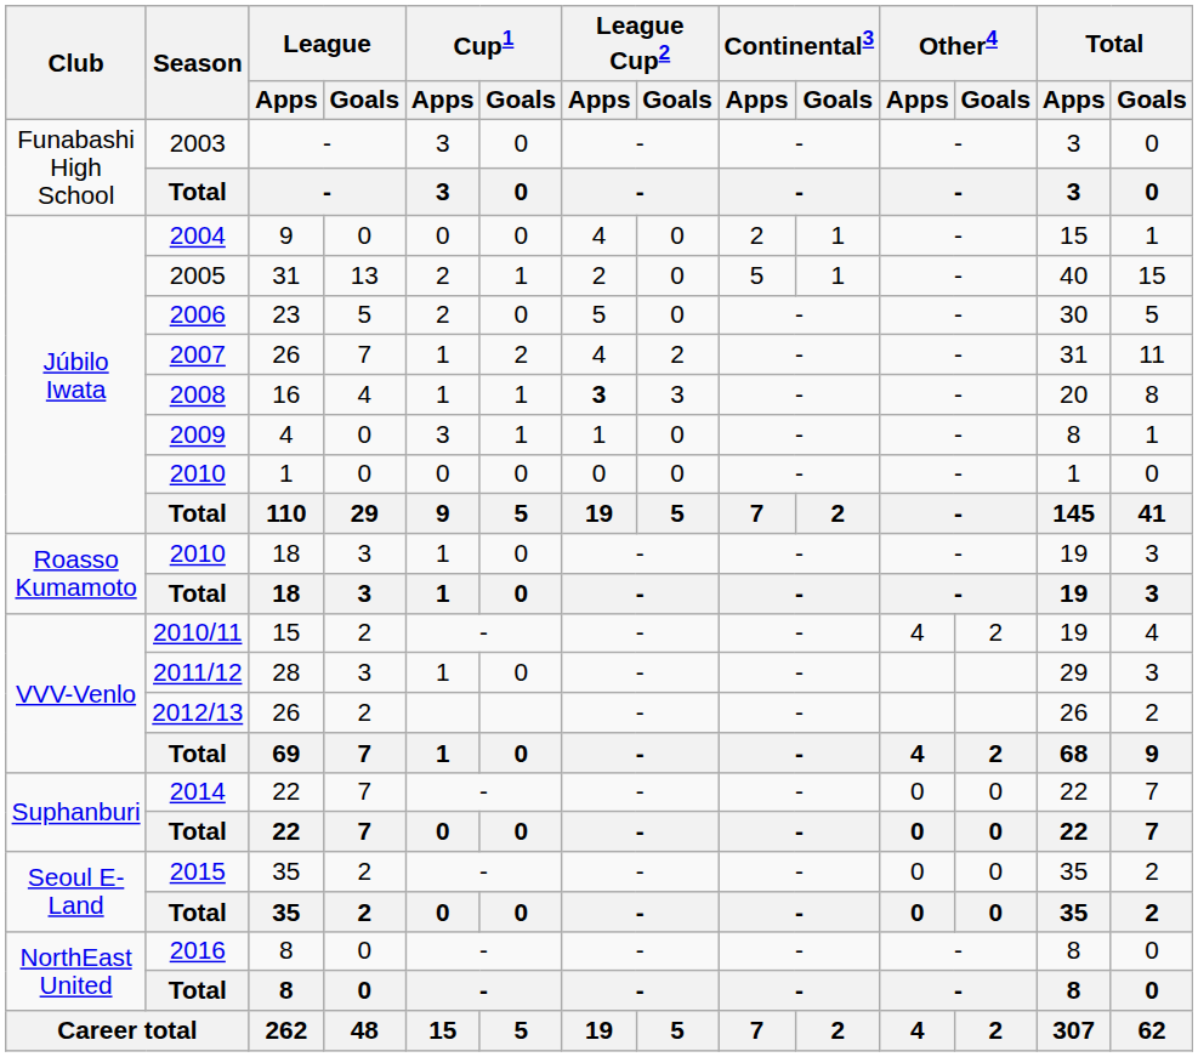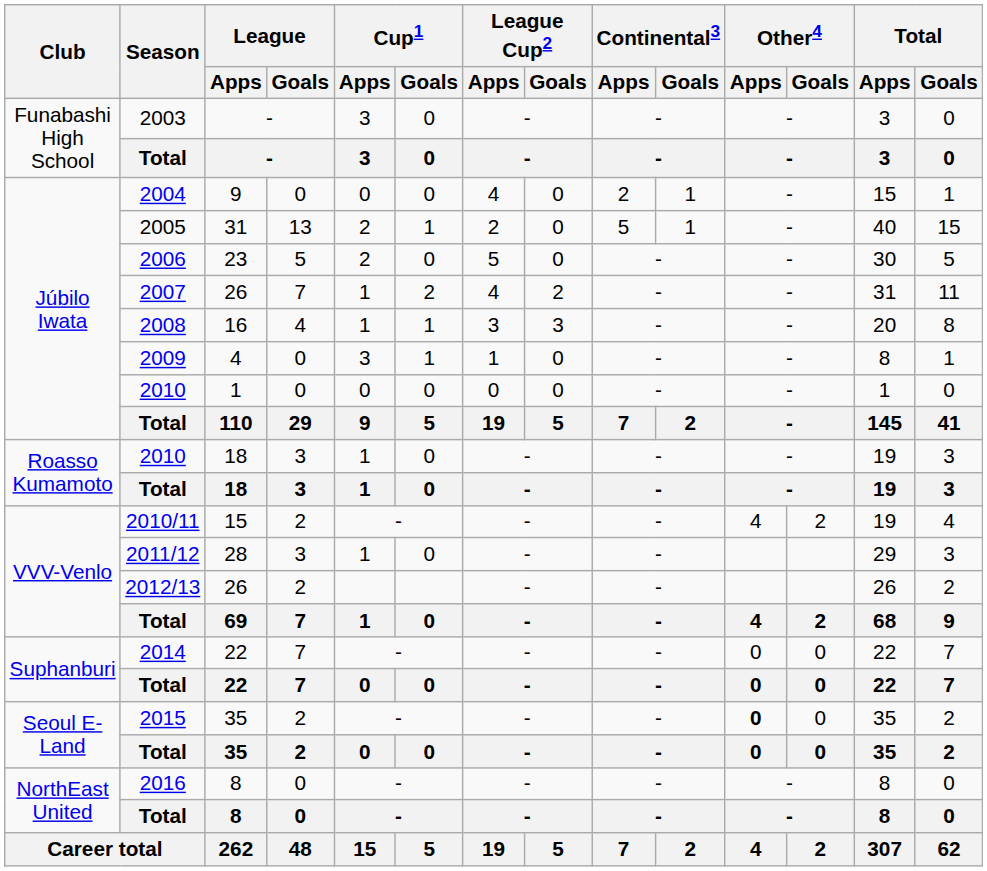 <table class="wikitable" style="font-size:90%; text-align:center;">
 <tr>
 <th rowspan=2>Club</th>
 <th rowspan=2>Season</th>
 <th colspan=2>League</th>
 <th colspan=2>Cup<sup><a href='#'>1</a></sup></th>
 <th colspan=2>League Cup<sup><a href='#'>2</a></sup></th>
 <th colspan=2>Continental<sup><a href='#'>3</a></sup></th>
 <th colspan=2>Other<sup><a href='#'>4</a></sup></th>
 <th colspan=2>Total</th>
 </tr>
 <tr>
 <th>Apps</th>
 <th>Goals</th>
 <th>Apps</th>
 <th>Goals</th>
 <th>Apps</th>
 <th>Goals</th>
 <th>Apps</th>
 <th>Goals</th>
 <th>Apps</th>
 <th>Goals</th>
 <th>Apps</th>
 <th>Goals</th>
 </tr>
 <tr>
 <td rowspan=2>Funabashi High School</td>
 <td>2003</td>
 <td colspan=2>-</td>
 <td>3</td>
 <td>0</td>
 <td colspan=2>-</td>
 <td colspan=2>-</td>
 <td colspan=2>-</td>
 <td>3</td>
 <td>0</td>
 </tr>
 <tr>
 <th>Total</th>
 <th colspan=2>-</th>
 <th>3</th>
 <th>0</th>
 <th colspan=2>-</th>
 <th colspan=2>-</th>
 <th colspan=2>-</th>
 <th>3</th>
 <th>0</th>
 </tr>
 <tr>
 <td rowspan=8><a href='#'>Júbilo Iwata</a></td>
 <td><a href='#'>2004</a></td>
 <td>9</td>
 <td>0</td>
 <td>0</td>
 <td>0</td>
 <td>4</td>
 <td>0</td>
 <td>2</td>
 <td>1</td>
 <td colspan=2>-</td>
 <td>15</td>
 <td>1</td>
 </tr>
 <tr>
 <td>2005</td>
 <td>31</td>
 <td>13</td>
 <td>2</td>
 <td>1</td>
 <td>2</td>
 <td>0</td>
 <td>5</td>
 <td>1</td>
 <td colspan=2>-</td>
 <td>40</td>
 <td>15</td>
 </tr>
 <tr>
 <td><a href='#'>2006</a></td>
 <td>23</td>
 <td>5</td>
 <td>2</td>
 <td>0</td>
 <td>5</td>
 <td>0</td>
 <td colspan=2>-</td>
 <td colspan=2>-</td>
 <td>30</td>
 <td>5</td>
 </tr>
 <tr>
 <td><a href='#'>2007</a></td>
 <td>26</td>
 <td>7</td>
 <td>1</td>
 <td>2</td>
 <td>4</td>
 <td>2</td>
 <td colspan=2>-</td>
 <td colspan=2>-</td>
 <td>31</td>
 <td>11</td>
 </tr>
 <tr>
 <td><a href='#'>2008</a></td>
 <td>16</td>
 <td>4</td>
 <td>1</td>
 <td>1</td>
-<td><strong>3</strong></td>
+<td>3</td>
 <td>3</td>
 <td colspan=2>-</td>
 <td colspan=2>-</td>
 <td>20</td>
 <td>8</td>
 </tr>
 <tr>
 <td><a href='#'>2009</a></td>
 <td>4</td>
 <td>0</td>
 <td>3</td>
 <td>1</td>
 <td>1</td>
 <td>0</td>
 <td colspan=2>-</td>
 <td colspan=2>-</td>
 <td>8</td>
 <td>1</td>
 </tr>
 <tr>
 <td><a href='#'>2010</a></td>
 <td>1</td>
 <td>0</td>
 <td>0</td>
 <td>0</td>
 <td>0</td>
 <td>0</td>
 <td colspan=2>-</td>
 <td colspan=2>-</td>
 <td>1</td>
 <td>0</td>
 </tr>
 <tr>
 <th>Total</th>
 <th>110</th>
 <th>29</th>
 <th>9</th>
 <th>5</th>
 <th>19</th>
 <th>5</th>
 <th>7</th>
 <th>2</th>
 <th colspan=2>-</th>
 <th>145</th>
 <th>41</th>
 </tr>
 <tr>
 <td rowspan=2><a href='#'>Roasso Kumamoto</a></td>
 <td><a href='#'>2010</a></td>
 <td>18</td>
 <td>3</td>
 <td>1</td>
 <td>0</td>
 <td colspan=2>-</td>
 <td colspan=2>-</td>
 <td colspan=2>-</td>
 <td>19</td>
 <td>3</td>
 </tr>
 <tr>
 <th>Total</th>
 <th>18</th>
 <th>3</th>
 <th>1</th>
 <th>0</th>
 <th colspan=2>-</th>
 <th colspan=2>-</th>
 <th colspan=2>-</th>
 <th>19</th>
 <th>3</th>
 </tr>
 <tr>
 <td rowspan=4><a href='#'>VVV-Venlo</a></td>
 <td><a href='#'>2010/11</a></td>
 <td>15</td>
 <td>2</td>
 <td colspan=2>-</td>
 <td colspan=2>-</td>
 <td colspan=2>-</td>
 <td>4</td>
 <td>2</td>
 <td>19</td>
 <td>4</td>
 </tr>
 <tr>
 <td><a href='#'>2011/12</a></td>
 <td>28</td>
 <td>3</td>
 <td>1</td>
 <td>0</td>
 <td colspan=2>-</td>
 <td colspan=2>-</td>
 <td></td>
 <td></td>
 <td>29</td>
 <td>3</td>
 </tr>
 <tr>
 <td><a href='#'>2012/13</a></td>
 <td>26</td>
 <td>2</td>
 <td></td>
 <td></td>
 <td colspan=2>-</td>
 <td colspan=2>-</td>
 <td></td>
 <td></td>
 <td>26</td>
 <td>2</td>
 </tr>
 <tr>
 <th>Total</th>
 <th>69</th>
 <th>7</th>
 <th>1</th>
 <th>0</th>
 <th colspan=2>-</th>
 <th colspan=2>-</th>
 <th>4</th>
 <th>2</th>
 <th>68</th>
 <th>9</th>
 </tr>
 <tr>
 <td rowspan=2><a href='#'>Suphanburi</a></td>
 <td><a href='#'>2014</a></td>
 <td>22</td>
 <td>7</td>
 <td colspan=2>-</td>
 <td colspan=2>-</td>
 <td colspan=2>-</td>
 <td>0</td>
 <td>0</td>
 <td>22</td>
 <td>7</td>
 </tr>
 <tr>
 <th>Total</th>
 <th>22</th>
 <th>7</th>
 <th>0</th>
 <th>0</th>
 <th colspan=2>-</th>
 <th colspan=2>-</th>
 <th>0</th>
 <th>0</th>
 <th>22</th>
 <th>7</th>
 </tr>
 <tr>
 <td rowspan=2><a href='#'>Seoul E-Land</a></td>
 <td><a href='#'>2015</a></td>
 <td>35</td>
 <td>2</td>
 <td colspan=2>-</td>
 <td colspan=2>-</td>
 <td colspan=2>-</td>
-<td>0</td>
+<td><strong>0</strong></td>
 <td>0</td>
 <td>35</td>
 <td>2</td>
 </tr>
 <tr>
 <th>Total</th>
 <th>35</th>
 <th>2</th>
 <th>0</th>
 <th>0</th>
 <th colspan=2>-</th>
 <th colspan=2>-</th>
 <th>0</th>
 <th>0</th>
 <th>35</th>
 <th>2</th>
 </tr>
 <tr>
 <td rowspan=2><a href='#'>NorthEast United</a></td>
 <td><a href='#'>2016</a></td>
 <td>8</td>
 <td>0</td>
 <td colspan=2>-</td>
 <td colspan=2>-</td>
 <td colspan=2>-</td>
 <td colspan=2>-</td>
 <td>8</td>
 <td>0</td>
 </tr>
 <tr>
 <th>Total</th>
 <th>8</th>
 <th>0</th>
 <th colspan=2>-</th>
 <th colspan=2>-</th>
 <th colspan=2>-</th>
 <th colspan=2>-</th>
 <th>8</th>
 <th>0</th>
 </tr>
 <tr>
 <th colspan=2>Career total</th>
 <th>262</th>
 <th>48</th>
 <th>15</th>
 <th>5</th>
 <th>19</th>
 <th>5</th>
 <th>7</th>
 <th>2</th>
 <th>4</th>
 <th>2</th>
 <th>307</th>
 <th>62</th>
 </tr>
 </table>
